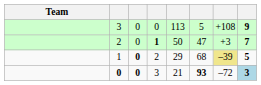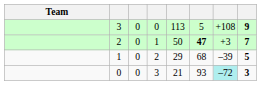 <table class="wikitable" style="text-align:center;">
 <tr>
 <th style="width:10.5em;">Team</th>
 <th style="width:1.5em;"></th>
 <th style="width:1.5em;"></th>
 <th style="width:1.5em;"></th>
 <th style="width:2.0em;"></th>
 <th style="width:2.0em;"></th>
 <th style="width:2.0em;"></th>
 <th style="width:1.5em;"></th>
 </tr>
 <tr bgcolor="#cfc">
 <td align="left"></td>
 <td>3</td>
 <td>0</td>
 <td>0</td>
 <td>113</td>
 <td>5</td>
 <td>+108</td>
 <td><strong>9</strong></td>
 </tr>
 <tr bgcolor="#cfc">
 <td align="left"></td>
 <td>2</td>
 <td>0</td>
-<td><strong>1</strong></td>
+<td>1</td>
 <td>50</td>
-<td>47</td>
+<td><strong>47</strong></td>
 <td>+3</td>
 <td><strong>7</strong></td>
 </tr>
 <tr>
 <td align="left"></td>
 <td>1</td>
-<td><strong>0</strong></td>
+<td>0</td>
 <td>2</td>
 <td>29</td>
 <td>68</td>
-<td style="background: khaki;">–39</td>
+<td>–39</td>
 <td><strong>5</strong></td>
 </tr>
 <tr>
 <td align="left"></td>
-<td><strong>0</strong></td>
-<td><strong>0</strong></td>
+<td>0</td>
+<td>0</td>
 <td>3</td>
 <td>21</td>
-<td><strong>93</strong></td>
-<td>–72</td>
-<td style="background: lightblue;"><strong>3</strong></td>
+<td>93</td>
+<td style="background: paleturquoise;">–72</td>
+<td><strong>3</strong></td>
 </tr>
 </table>
